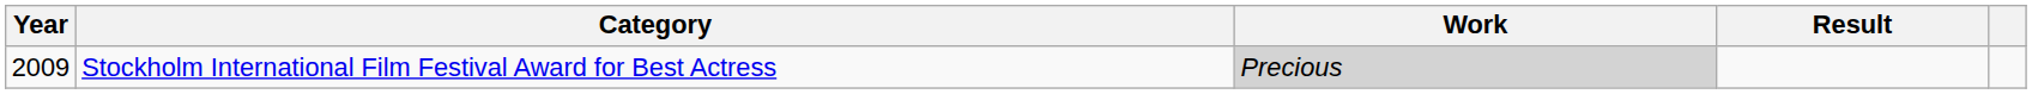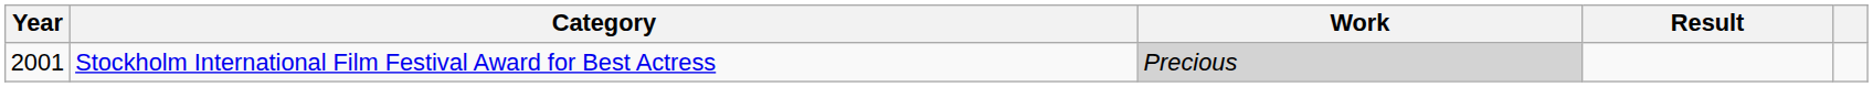 <table class="wikitable">
 <tr>
 <th scope="col" style="width:1em;">Year</th>
 <th scope="col" style="width:44em;">Category</th>
 <th scope="col" style="width:18em;">Work</th>
 <th scope="col" style="width:10em;">Result</th>
 <th class="unsortable" style="width:1em;"></th>
 </tr>
 <tr>
-<td>2009</td>
+<td>2001</td>
 <td><a href='#'>Stockholm International Film Festival Award for Best Actress</a></td>
 <td style="background: lightgrey;"><em>Precious</em></td>
 <td></td>
 <td></td>
 </tr>
 </table>
